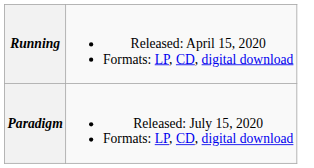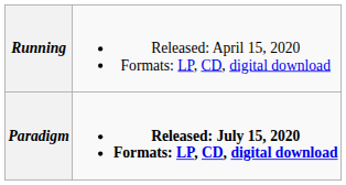 <table class="wikitable plainrowheaders" style="text-align:center;">
 <tr>
 <th scope="row"><em>Running</em></th>
 <td><br><ul><li>Released: April 15, 2020</li><li>Formats: <a href='#'>LP</a>, <a href='#'>CD</a>, <a href='#'>digital download</a></li></ul></td>
 </tr>
 <tr>
 <th scope="row"><em>Paradigm</em></th>
-<td><br><ul><li>Released: July 15, 2020</li><li>Formats: <a href='#'>LP</a>, <a href='#'>CD</a>, <a href='#'>digital download</a></li></ul></td>
+<td><strong><br><ul><li>Released: July 15, 2020</li><li>Formats: <a href='#'>LP</a>, <a href='#'>CD</a>, <a href='#'>digital download</a></li></ul></strong></td>
 </tr>
 </table>
